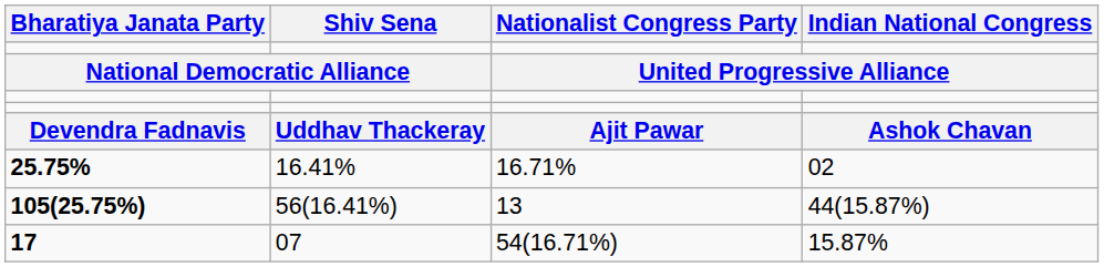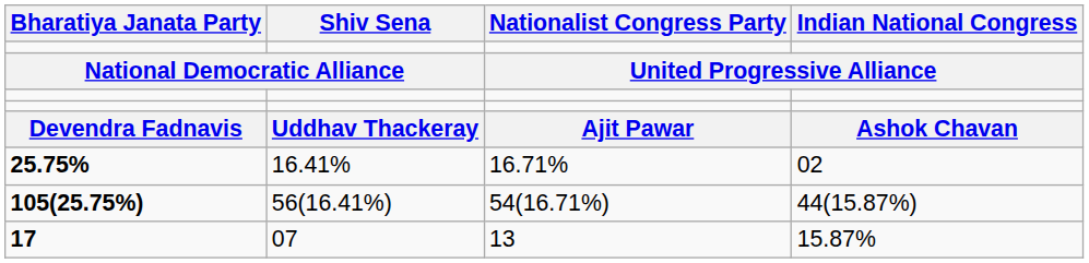 <table class="wikitable">
 <tr>
 <th><a href='#'>Bharatiya Janata Party</a></th>
 <th><a href='#'>Shiv Sena</a></th>
 <th><a href='#'>Nationalist Congress Party</a></th>
 <th><a href='#'>Indian National Congress</a></th>
 </tr>
 <tr>
 <td style="color:inherit;background-color:"></td>
 <td style="color:inherit;background-color: "></td>
 <td style="color:inherit;background-color: "></td>
 <td style="color:inherit;background-color: "></td>
 </tr>
 <tr>
 <th colspan="2"><a href='#'>National Democratic Alliance</a></th>
 <th colspan="2"><a href='#'>United Progressive Alliance</a></th>
 </tr>
 <tr>
 <td></td>
 <td></td>
 <td></td>
 <td></td>
 </tr>
 <tr>
 <td></td>
 <td></td>
 <td></td>
 <td></td>
 </tr>
 <tr>
 <th><a href='#'>Devendra Fadnavis</a></th>
 <th><a href='#'>Uddhav Thackeray</a></th>
 <th><a href='#'>Ajit Pawar</a></th>
 <th><a href='#'>Ashok Chavan</a></th>
 </tr>
 <tr>
 <td><strong>25.75%</strong></td>
 <td>16.41%</td>
 <td>16.71%</td>
 <td> 02</td>
 </tr>
 <tr>
 <td><strong>105(25.75%)</strong></td>
 <td>56(16.41%)</td>
-<td> 13</td>
+<td>54(16.71%)</td>
 <td>44(15.87%)</td>
 </tr>
 <tr>
 <td><strong> 17</strong></td>
 <td> 07</td>
-<td>54(16.71%)</td>
+<td> 13</td>
 <td>15.87%</td>
 </tr>
 </table>
